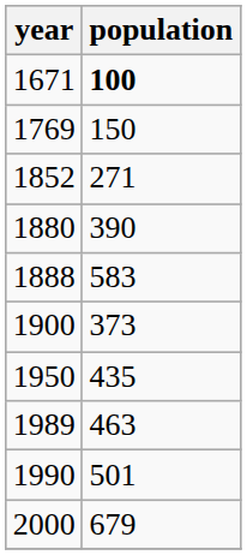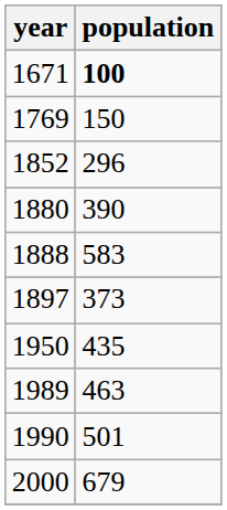 <table class="wikitable">
 <tr>
 <th>year</th>
 <th>population</th>
 </tr>
 <tr>
 <td>1671</td>
 <td><strong>100</strong></td>
 </tr>
 <tr>
 <td>1769</td>
 <td>150</td>
 </tr>
 <tr>
 <td>1852</td>
-<td>271</td>
+<td>296</td>
 </tr>
 <tr>
 <td>1880</td>
 <td>390</td>
 </tr>
 <tr>
 <td>1888</td>
 <td>583</td>
 </tr>
 <tr>
-<td>1900</td>
+<td>1897</td>
 <td>373</td>
 </tr>
 <tr>
 <td>1950</td>
 <td>435</td>
 </tr>
 <tr>
 <td>1989</td>
 <td>463</td>
 </tr>
 <tr>
 <td>1990</td>
 <td>501</td>
 </tr>
 <tr>
 <td>2000</td>
 <td>679</td>
 </tr>
 <tr>
 </tr>
 </table>
